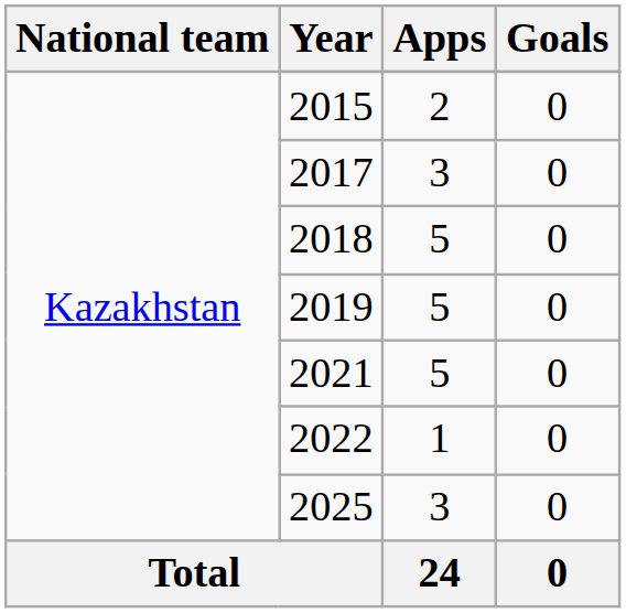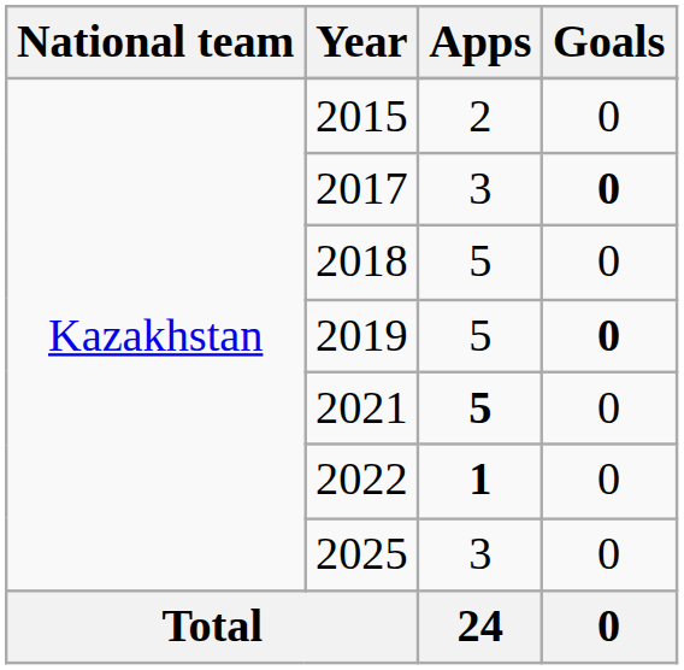 <table class="wikitable" style="text-align:center">
 <tr>
 <th>National team</th>
 <th>Year</th>
 <th>Apps</th>
 <th>Goals</th>
 </tr>
 <tr>
 <td rowspan="8"><a href='#'>Kazakhstan</a></td>
 </tr>
 <tr>
 <td>2015</td>
 <td>2</td>
 <td>0</td>
 </tr>
 <tr>
 <td>2017</td>
 <td>3</td>
-<td>0</td>
+<td><strong>0</strong></td>
 </tr>
 <tr>
 <td>2018</td>
 <td>5</td>
 <td>0</td>
 </tr>
 <tr>
 <td>2019</td>
 <td>5</td>
-<td>0</td>
+<td><strong>0</strong></td>
 </tr>
 <tr>
 <td>2021</td>
-<td>5</td>
+<td><strong>5</strong></td>
 <td>0</td>
 </tr>
 <tr>
 <td>2022</td>
-<td>1</td>
+<td><strong>1</strong></td>
 <td>0</td>
 </tr>
 <tr>
 <td>2025</td>
 <td>3</td>
 <td>0</td>
 </tr>
 <tr>
 <th colspan="2">Total</th>
 <th>24</th>
 <th>0</th>
 </tr>
 </table>
